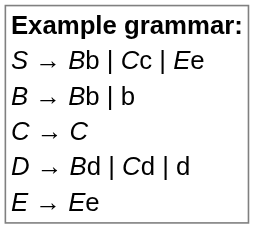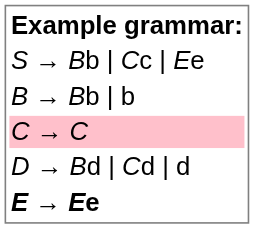 <table style="border: 1px solid grey; float: right; margin: 1em 1em;">
 <tr>
 <th - COLSPAN=4>Example grammar:</th>
 </tr>
 <tr>
 <td><em>S</em> → <em>B</em>b | <em>C</em>c | <em>E</em>e</td>
 </tr>
 <tr>
 <td><em>B</em> → <em>B</em>b | b</td>
 </tr>
 <tr>
-<td><em>C</em> → <em>C</em></td>
+<td style="background: pink;"><em>C</em> → <em>C</em></td>
 </tr>
 <tr>
 <td><em>D</em> → <em>B</em>d | <em>C</em>d | d</td>
 </tr>
 <tr>
-<td><em>E</em> → <em>E</em>e</td>
+<td><strong><em>E</em> → <em>E</em>e</strong></td>
 </tr>
 </table>
